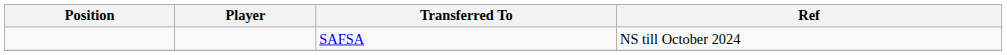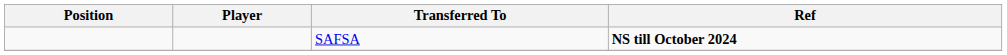 <table class="wikitable sortable" style="width:70%; text-align:center; font-size:100%; text-align:left;">
 <tr>
 <th><strong>Position</strong></th>
 <th><strong>Player</strong></th>
 <th><strong>Transferred To</strong></th>
 <th><strong>Ref</strong></th>
 </tr>
 <tr>
 <td></td>
 <td></td>
 <td> <a href='#'>SAFSA</a></td>
-<td>NS till October 2024</td>
+<td><strong>NS till October 2024</strong></td>
 </tr>
 <tr>
 </tr>
 </table>
